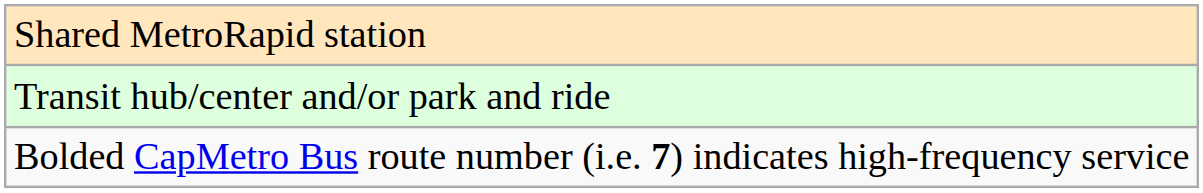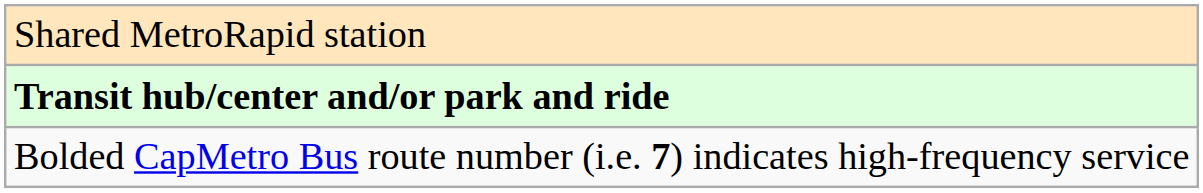 <table class="wikitable" style="font-size:100%;">
 <tr>
 <td style="background-color:#FFE6BD">Shared MetroRapid station</td>
 </tr>
 <tr>
-<td style="background-color:#ddffdd">Transit hub/center and/or park and ride</td>
+<td style="background-color:#ddffdd"><strong>Transit hub/center and/or park and ride</strong></td>
 </tr>
 <tr>
 <td>Bolded <a href='#'>CapMetro Bus</a> route number (i.e. <strong>7</strong>) indicates high-frequency service</td>
 </tr>
 </table>
